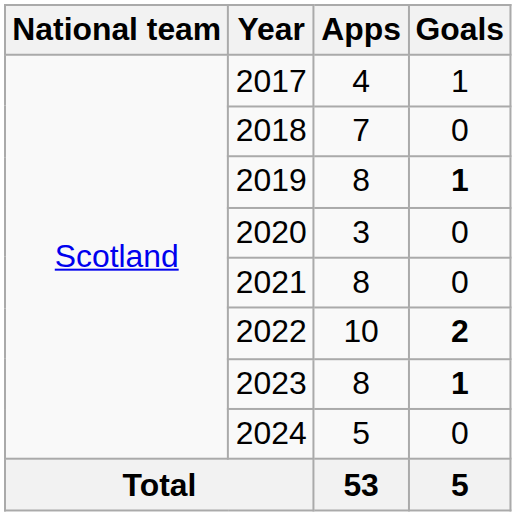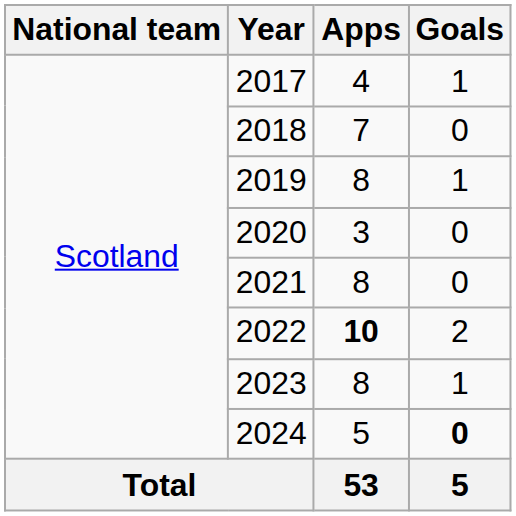 <table class=wikitable style=text-align:center>
 <tr>
 <th>National team</th>
 <th>Year</th>
 <th>Apps</th>
 <th>Goals</th>
 </tr>
 <tr>
 <td rowspan=8><a href='#'>Scotland</a></td>
 <td>2017</td>
 <td>4</td>
 <td>1</td>
 </tr>
 <tr>
 <td>2018</td>
 <td>7</td>
 <td>0</td>
 </tr>
 <tr>
 <td>2019</td>
 <td>8</td>
-<td><strong>1</strong></td>
+<td>1</td>
 </tr>
 <tr>
 <td>2020</td>
 <td>3</td>
 <td>0</td>
 </tr>
 <tr>
 <td>2021</td>
 <td>8</td>
 <td>0</td>
 </tr>
 <tr>
 <td>2022</td>
-<td>10</td>
-<td><strong>2</strong></td>
+<td><strong>10</strong></td>
+<td>2</td>
 </tr>
 <tr>
 <td>2023</td>
 <td>8</td>
-<td><strong>1</strong></td>
+<td>1</td>
 </tr>
 <tr>
 <td>2024</td>
 <td>5</td>
-<td>0</td>
+<td><strong>0</strong></td>
 </tr>
 <tr>
 <th colspan=2>Total</th>
 <th>53</th>
 <th>5</th>
 </tr>
 </table>
